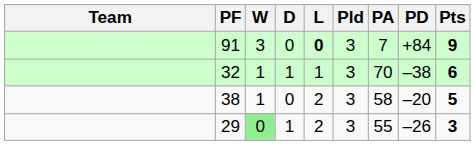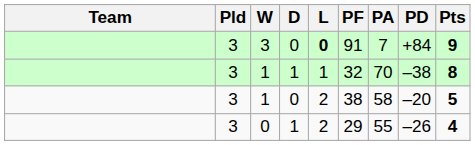 <table class="wikitable" style="text-align:center;">
 <tr>
 <th width=190>Team</th>
-<th width=20 abbr="Points for">PF</th>
+<th width=20 abbr="Played">Pld</th>
 <th width=20 abbr="Won">W</th>
 <th width=20 abbr="Drawn">D</th>
 <th width=20 abbr="Lost">L</th>
-<th width=20 abbr="Played">Pld</th>
+<th width=20 abbr="Points for">PF</th>
 <th width=20 abbr="Points against">PA</th>
 <th width=25 abbr="Points difference">PD</th>
 <th width=20 abbr="Points">Pts</th>
 </tr>
 <tr style="background:#ccffcc">
 <td align=left></td>
-<td>91</td>
+<td>3</td>
 <td>3</td>
 <td>0</td>
 <td><strong>0</strong></td>
-<td>3</td>
+<td>91</td>
 <td>7</td>
 <td>+84</td>
 <td><strong>9</strong></td>
 </tr>
 <tr style="background:#ccffcc">
 <td align=left></td>
-<td>32</td>
+<td>3</td>
 <td>1</td>
 <td>1</td>
 <td>1</td>
-<td>3</td>
+<td>32</td>
 <td>70</td>
 <td>–38</td>
-<td><strong>6</strong></td>
+<td><strong>8</strong></td>
 </tr>
 <tr>
 <td align=left></td>
-<td>38</td>
+<td>3</td>
 <td>1</td>
 <td>0</td>
 <td>2</td>
-<td>3</td>
+<td>38</td>
 <td>58</td>
 <td>–20</td>
 <td><strong>5</strong></td>
 </tr>
 <tr>
 <td align=left></td>
-<td>29</td>
-<td style="background: lightgreen;">0</td>
+<td>3</td>
+<td>0</td>
 <td>1</td>
 <td>2</td>
-<td>3</td>
+<td>29</td>
 <td>55</td>
 <td>–26</td>
-<td><strong>3</strong></td>
+<td><strong>4</strong></td>
 </tr>
 </table>
